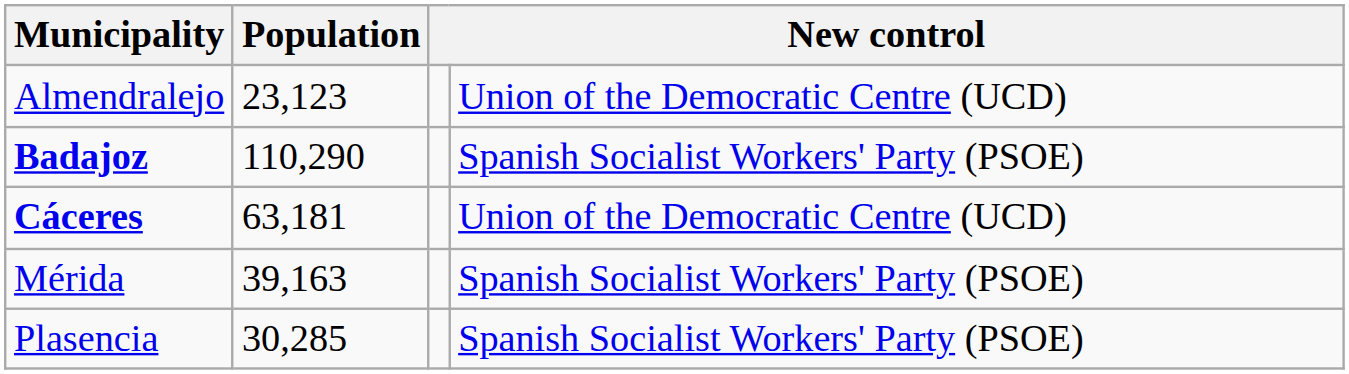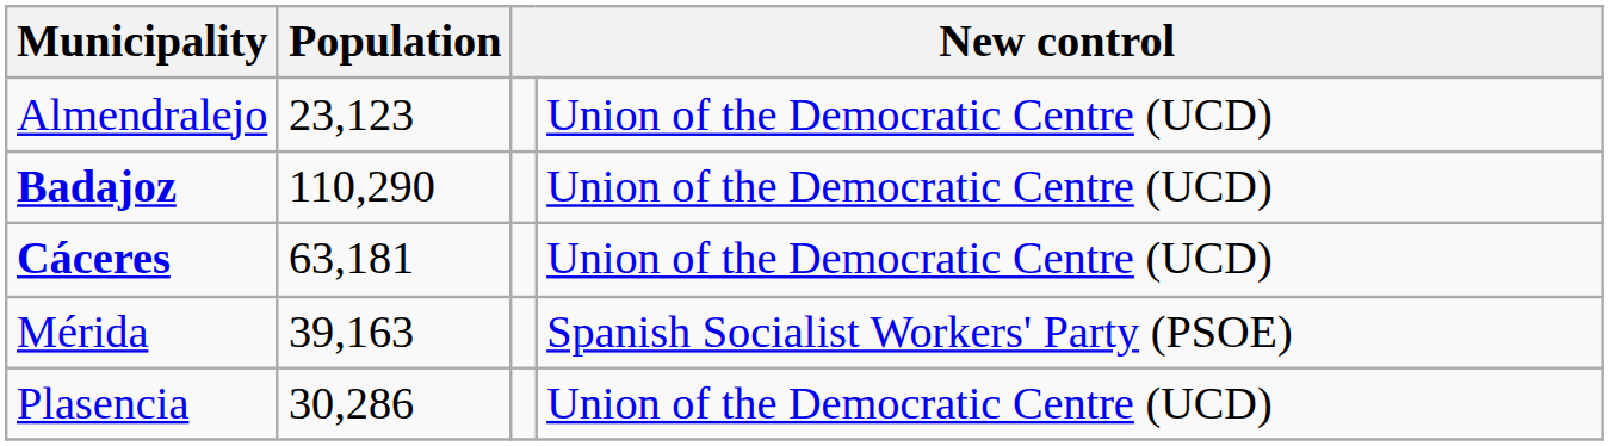 <table class="wikitable sortable">
 <tr>
 <th>Municipality</th>
 <th>Population</th>
 <th colspan="2" style="width:375px;">New control</th>
 </tr>
 <tr>
 <td><a href='#'>Almendralejo</a></td>
 <td>23,123</td>
 <td width="1" style="color:inherit;background:"></td>
 <td><a href='#'>Union of the Democratic Centre</a> (UCD)</td>
 </tr>
 <tr>
 <td><strong><a href='#'>Badajoz</a></strong></td>
 <td>110,290</td>
 <td style="color:inherit;background:"></td>
-<td><a href='#'>Spanish Socialist Workers' Party</a> (PSOE)</td>
+<td><a href='#'>Union of the Democratic Centre</a> (UCD)</td>
 </tr>
 <tr>
 <td><strong><a href='#'>Cáceres</a></strong></td>
 <td>63,181</td>
 <td style="color:inherit;background:"></td>
 <td><a href='#'>Union of the Democratic Centre</a> (UCD)</td>
 </tr>
 <tr>
 <td><a href='#'>Mérida</a></td>
 <td>39,163</td>
 <td style="color:inherit;background:"></td>
 <td><a href='#'>Spanish Socialist Workers' Party</a> (PSOE)</td>
 </tr>
 <tr>
 <td><a href='#'>Plasencia</a></td>
-<td>30,285</td>
+<td>30,286</td>
 <td style="color:inherit;background:"></td>
-<td><a href='#'>Spanish Socialist Workers' Party</a> (PSOE)</td>
+<td><a href='#'>Union of the Democratic Centre</a> (UCD)</td>
 </tr>
 </table>
